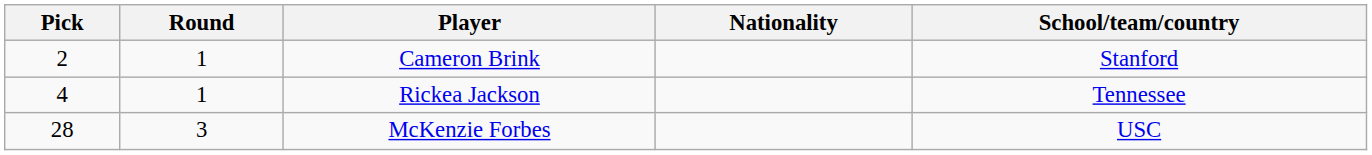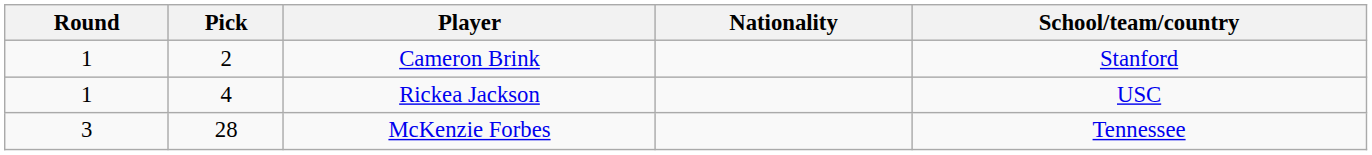 <table class="wikitable" style="text-align:center; width:60em">
 <tr>
+<th>Round</th>
 <th>Pick</th>
-<th>Round</th>
 <th>Player</th>
 <th>Nationality</th>
 <th>School/team/country</th>
 </tr>
 <tr>
+<td>1</td>
 <td>2</td>
-<td>1</td>
 <td><a href='#'>Cameron Brink</a></td>
 <td></td>
 <td><a href='#'>Stanford</a></td>
 </tr>
 <tr>
+<td>1</td>
 <td>4</td>
-<td>1</td>
 <td><a href='#'>Rickea Jackson</a></td>
+<td></td>
+<td><a href='#'>USC</a></td>
+</tr>
+<tr>
+<td>3</td>
+<td>28</td>
+<td><a href='#'>McKenzie Forbes</a></td>
 <td></td>
 <td><a href='#'>Tennessee</a></td>
 </tr>
-<tr>
-<td>28</td>
-<td>3</td>
-<td><a href='#'>McKenzie Forbes</a></td>
-<td></td>
-<td><a href='#'>USC</a></td>
-</tr>
 </table>
